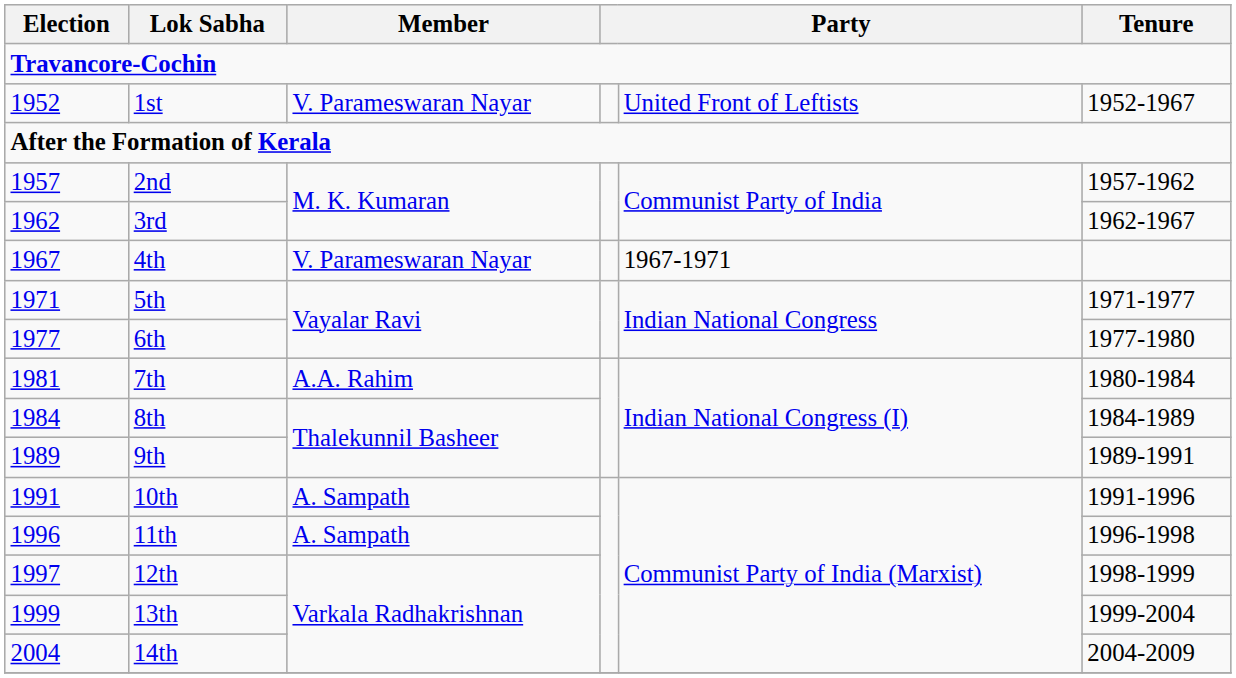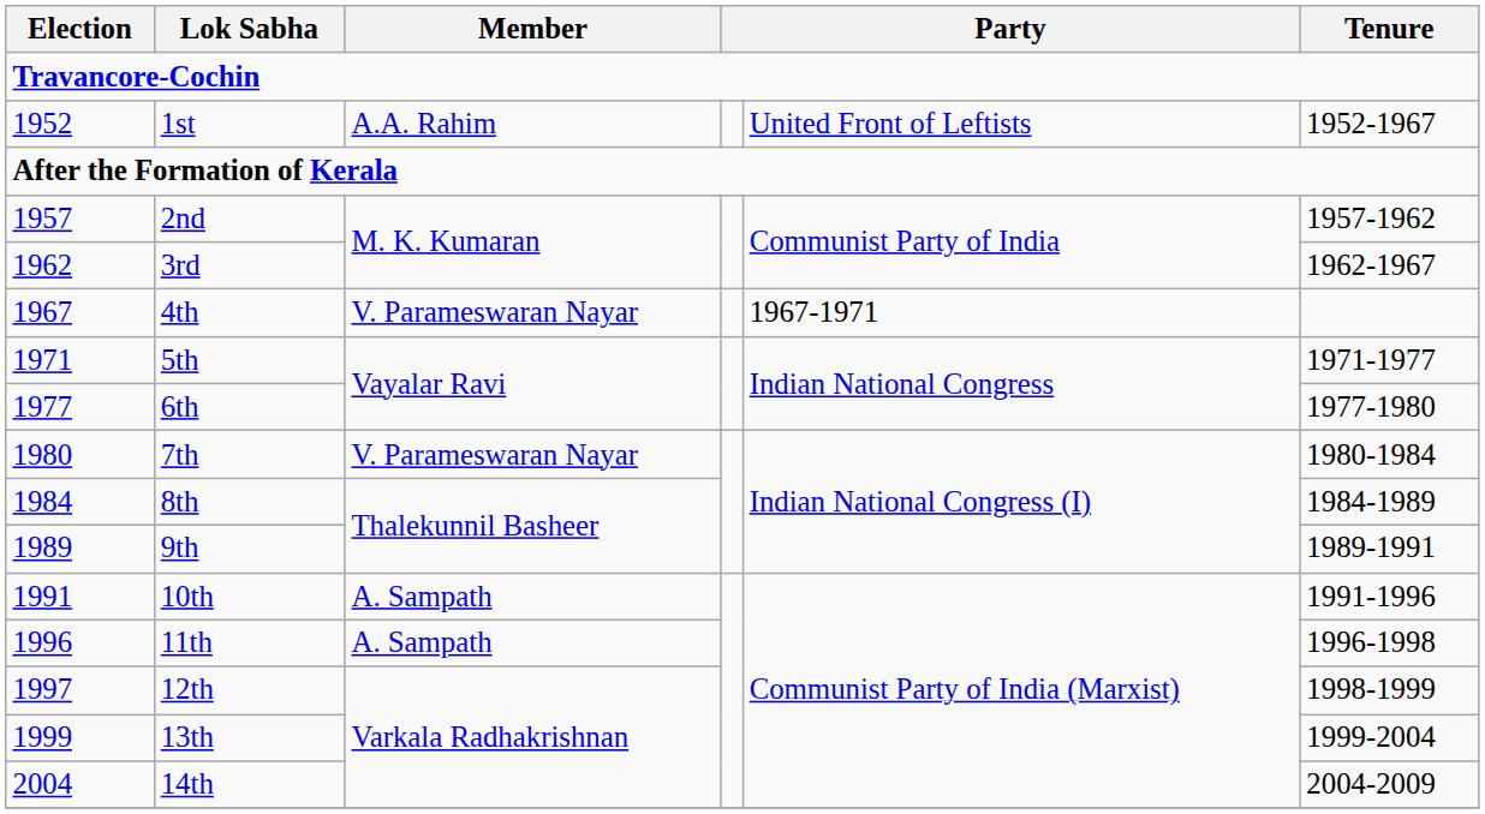 <table class="wikitable sortable" width="50%">
 <tr>
 <th>Election</th>
 <th>Lok Sabha</th>
 <th>Member</th>
 <th colspan="2">Party</th>
 <th>Tenure</th>
 </tr>
 <tr>
 <td colspan="6"><strong><a href='#'>Travancore-Cochin</a></strong></td>
 </tr>
 <tr>
 <td><a href='#'>1952</a></td>
 <td><a href='#'>1st</a></td>
-<td><a href='#'>V. Parameswaran Nayar</a></td>
+<td><a href='#'>A.A. Rahim</a></td>
 <td bgcolor=></td>
 <td><a href='#'>United Front of Leftists</a></td>
 <td>1952-1967</td>
 </tr>
 <tr>
 <td colspan="6"><strong>After the Formation of <a href='#'>Kerala</a></strong></td>
 </tr>
 <tr>
 <td><a href='#'>1957</a></td>
 <td><a href='#'>2nd</a></td>
 <td rowspan="2"><a href='#'>M. K. Kumaran</a></td>
 <td rowspan="2" width="4px" style="background-color: "></td>
 <td rowspan="2"><a href='#'>Communist Party of India</a></td>
 <td>1957-1962</td>
 </tr>
 <tr>
 <td><a href='#'>1962</a></td>
 <td><a href='#'>3rd</a></td>
 <td>1962-1967</td>
 </tr>
 <tr>
 <td><a href='#'>1967</a></td>
 <td><a href='#'>4th</a></td>
 <td><a href='#'>V. Parameswaran Nayar</a></td>
 <td></td>
 <td>1967-1971</td>
 </tr>
 <tr>
 <td><a href='#'>1971</a></td>
 <td><a href='#'>5th</a></td>
 <td rowspan="2"><a href='#'>Vayalar Ravi</a></td>
 <td rowspan="2" width="4px" style="background-color: "></td>
 <td rowspan="2"><a href='#'>Indian National Congress</a></td>
 <td>1971-1977</td>
 </tr>
 <tr>
 <td><a href='#'>1977</a></td>
 <td><a href='#'>6th</a></td>
 <td>1977-1980</td>
 </tr>
 <tr>
-<td><a href='#'>1981</a></td>
+<td><a href='#'>1980</a></td>
 <td><a href='#'>7th</a></td>
-<td><a href='#'>A.A. Rahim</a></td>
+<td><a href='#'>V. Parameswaran Nayar</a></td>
 <td rowspan="3" width="4px" style="background-color: "></td>
 <td rowspan="3"><a href='#'>Indian National Congress (I)</a></td>
 <td>1980-1984</td>
 </tr>
 <tr>
 <td><a href='#'>1984</a></td>
 <td><a href='#'>8th</a></td>
 <td rowspan="2"><a href='#'>Thalekunnil Basheer</a></td>
 <td>1984-1989</td>
 </tr>
 <tr>
 <td><a href='#'>1989</a></td>
 <td><a href='#'>9th</a></td>
 <td>1989-1991</td>
 </tr>
 <tr>
 <td><a href='#'>1991</a></td>
 <td><a href='#'>10th</a></td>
 <td><a href='#'>A. Sampath</a></td>
 <td rowspan="5" width="4px" style="background-color: "></td>
 <td rowspan="5"><a href='#'>Communist Party of India (Marxist)</a></td>
 <td>1991-1996</td>
 </tr>
 <tr>
 <td><a href='#'>1996</a></td>
 <td><a href='#'>11th</a></td>
 <td><a href='#'>A. Sampath</a></td>
 <td>1996-1998</td>
 </tr>
 <tr>
 <td><a href='#'>1997</a></td>
 <td><a href='#'>12th</a></td>
 <td rowspan="3"><a href='#'>Varkala Radhakrishnan</a></td>
 <td>1998-1999</td>
 </tr>
 <tr>
 <td><a href='#'>1999</a></td>
 <td><a href='#'>13th</a></td>
 <td>1999-2004</td>
 </tr>
 <tr>
 <td><a href='#'>2004</a></td>
 <td><a href='#'>14th</a></td>
 <td>2004-2009</td>
 </tr>
 <tr>
 </tr>
 </table>
